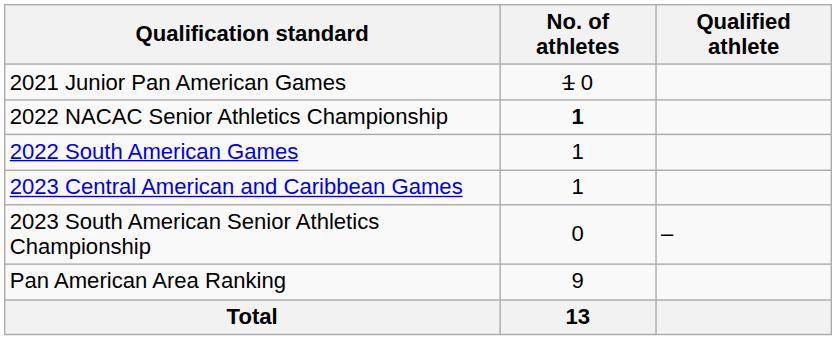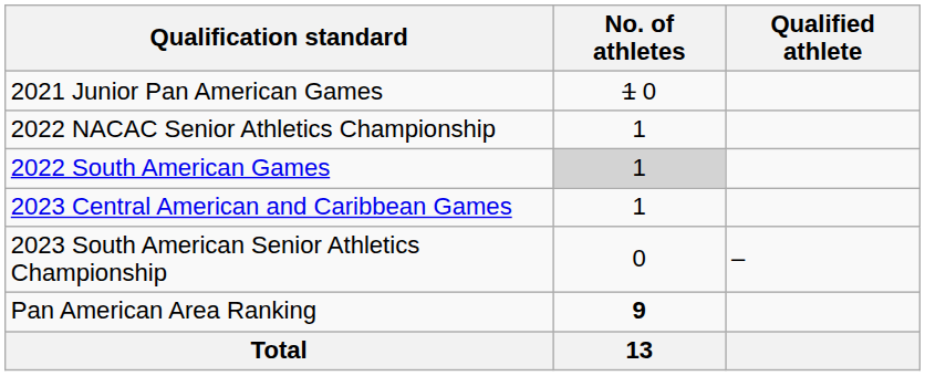 <table class="wikitable" style="text-align:left; width:600px;">
 <tr>
 <th>Qualification standard</th>
 <th>No. of athletes</th>
 <th>Qualified athlete</th>
 </tr>
 <tr>
 <td>2021 Junior Pan American Games</td>
 <td align=center><s>1</s> 0</td>
 <td><s></s></td>
 </tr>
 <tr>
 <td>2022 NACAC Senior Athletics Championship</td>
-<td align=center><strong>1</strong></td>
+<td align=center>1</td>
 <td></td>
 </tr>
 <tr>
 <td><a href='#'>2022 South American Games</a></td>
-<td align=center>1</td>
+<td align=center style="background: lightgrey;">1</td>
 <td></td>
 </tr>
 <tr>
 <td><a href='#'>2023 Central American and Caribbean Games</a></td>
 <td align=center>1</td>
 <td></td>
 </tr>
 <tr>
 <td>2023 South American Senior Athletics Championship</td>
 <td align=center>0</td>
 <td>–</td>
 </tr>
 <tr>
 <td>Pan American Area Ranking</td>
-<td align=center>9</td>
+<td align=center><strong>9</strong></td>
 <td></td>
 </tr>
 <tr>
 <th>Total</th>
 <th>13</th>
 <th colspan=2></th>
 </tr>
 </table>
